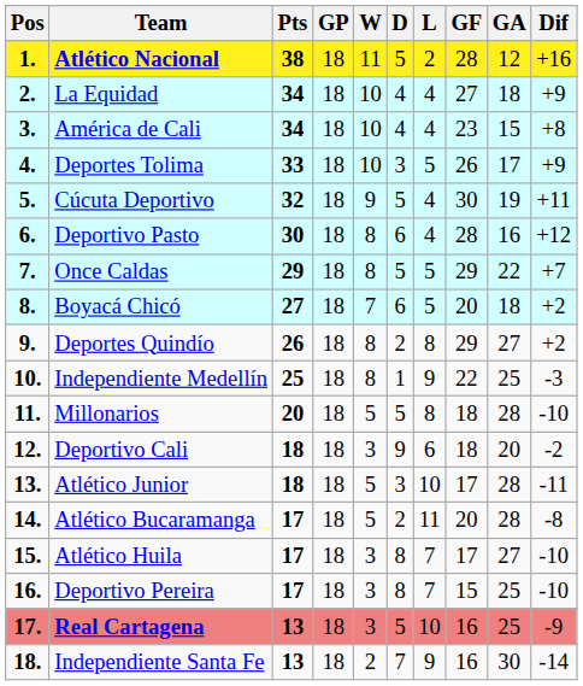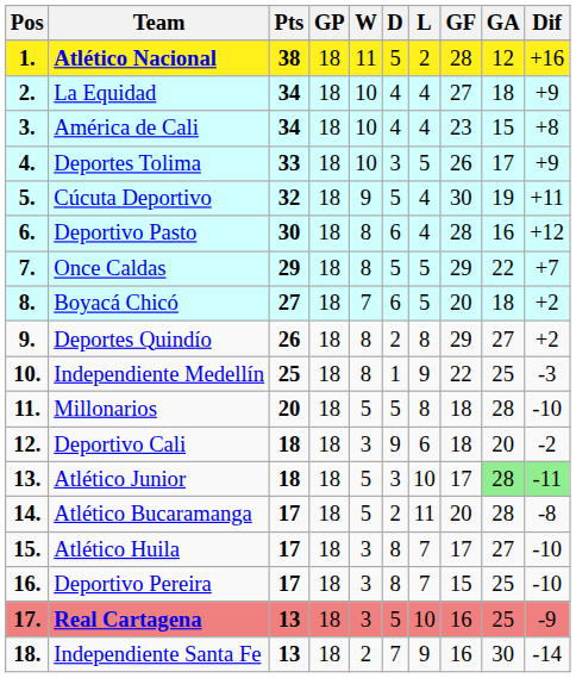 <table class="wikitable sortable" style="text-align: center;">
 <tr>
 <th align="center">Pos</th>
 <th align="center">Team</th>
 <th align="center">Pts</th>
 <th align="center">GP</th>
 <th align="center">W</th>
 <th align="center">D</th>
 <th align="center">L</th>
 <th align="center">GF</th>
 <th align="center">GA</th>
 <th align="center">Dif</th>
 </tr>
 <tr>
 </tr>
 <tr style="background: #FFF01C;">
 <td><strong>1.</strong></td>
 <td align="left"><strong><a href='#'>Atlético Nacional</a></strong></td>
 <td><strong>38</strong></td>
 <td>18</td>
 <td>11</td>
 <td>5</td>
 <td>2</td>
 <td>28</td>
 <td>12</td>
 <td>+16</td>
 </tr>
 <tr style="background: #CFFFFF;">
 <td><strong>2.</strong></td>
 <td align="left"><a href='#'>La Equidad</a></td>
 <td><strong>34</strong></td>
 <td>18</td>
 <td>10</td>
 <td>4</td>
 <td>4</td>
 <td>27</td>
 <td>18</td>
 <td>+9</td>
 </tr>
 <tr style="background: #CFFFFF;">
 <td><strong>3.</strong></td>
 <td align="left"><a href='#'>América de Cali</a></td>
 <td><strong>34</strong></td>
 <td>18</td>
 <td>10</td>
 <td>4</td>
 <td>4</td>
 <td>23</td>
 <td>15</td>
 <td>+8</td>
 </tr>
 <tr style="background: #CFFFFF;">
 <td><strong>4.</strong></td>
 <td align="left"><a href='#'>Deportes Tolima</a></td>
 <td><strong>33</strong></td>
 <td>18</td>
 <td>10</td>
 <td>3</td>
 <td>5</td>
 <td>26</td>
 <td>17</td>
 <td>+9</td>
 </tr>
 <tr style="background: #CFFFFF;">
 <td><strong>5.</strong></td>
 <td align="left"><a href='#'>Cúcuta Deportivo</a></td>
 <td><strong>32</strong></td>
 <td>18</td>
 <td>9</td>
 <td>5</td>
 <td>4</td>
 <td>30</td>
 <td>19</td>
 <td>+11</td>
 </tr>
 <tr style="background: #CFFFFF;">
 <td><strong>6.</strong></td>
 <td align="left"><a href='#'>Deportivo Pasto</a></td>
 <td><strong>30</strong></td>
 <td>18</td>
 <td>8</td>
 <td>6</td>
 <td>4</td>
 <td>28</td>
 <td>16</td>
 <td>+12</td>
 </tr>
 <tr style="background: #CFFFFF;">
 <td><strong>7.</strong></td>
 <td align="left"><a href='#'>Once Caldas</a></td>
 <td><strong>29</strong></td>
 <td>18</td>
 <td>8</td>
 <td>5</td>
 <td>5</td>
 <td>29</td>
 <td>22</td>
 <td>+7</td>
 </tr>
 <tr style="background: #CFFFFF;">
 <td><strong>8.</strong></td>
 <td align="left"><a href='#'>Boyacá Chicó</a></td>
 <td><strong>27</strong></td>
 <td>18</td>
 <td>7</td>
 <td>6</td>
 <td>5</td>
 <td>20</td>
 <td>18</td>
 <td>+2</td>
 </tr>
 <tr>
 <td><strong>9.</strong></td>
 <td align="left"><a href='#'>Deportes Quindío</a></td>
 <td><strong>26</strong></td>
 <td>18</td>
 <td>8</td>
 <td>2</td>
 <td>8</td>
 <td>29</td>
 <td>27</td>
 <td>+2</td>
 </tr>
 <tr>
 <td><strong>10.</strong></td>
 <td align="left"><a href='#'>Independiente Medellín</a></td>
 <td><strong>25</strong></td>
 <td>18</td>
 <td>8</td>
 <td>1</td>
 <td>9</td>
 <td>22</td>
 <td>25</td>
 <td>-3</td>
 </tr>
 <tr>
 <td><strong>11.</strong></td>
 <td align="left"><a href='#'>Millonarios</a></td>
 <td><strong>20</strong></td>
 <td>18</td>
 <td>5</td>
 <td>5</td>
 <td>8</td>
 <td>18</td>
 <td>28</td>
 <td>-10</td>
 </tr>
 <tr>
 <td><strong>12.</strong></td>
 <td align="left"><a href='#'>Deportivo Cali</a></td>
 <td><strong>18</strong></td>
 <td>18</td>
 <td>3</td>
 <td>9</td>
 <td>6</td>
 <td>18</td>
 <td>20</td>
 <td>-2</td>
 </tr>
 <tr>
 <td><strong>13.</strong></td>
 <td align="left"><a href='#'>Atlético Junior</a></td>
 <td><strong>18</strong></td>
 <td>18</td>
 <td>5</td>
 <td>3</td>
 <td>10</td>
 <td>17</td>
-<td>28</td>
-<td>-11</td>
+<td style="background: lightgreen;">28</td>
+<td style="background: lightgreen;">-11</td>
 </tr>
 <tr>
 <td><strong>14.</strong></td>
 <td align="left"><a href='#'>Atlético Bucaramanga</a></td>
 <td><strong>17</strong></td>
 <td>18</td>
 <td>5</td>
 <td>2</td>
 <td>11</td>
 <td>20</td>
 <td>28</td>
 <td>-8</td>
 </tr>
 <tr>
 <td><strong>15.</strong></td>
 <td align="left"><a href='#'>Atlético Huila</a></td>
 <td><strong>17</strong></td>
 <td>18</td>
 <td>3</td>
 <td>8</td>
 <td>7</td>
 <td>17</td>
 <td>27</td>
 <td>-10</td>
 </tr>
 <tr>
 <td><strong>16.</strong></td>
 <td align="left"><a href='#'>Deportivo Pereira</a></td>
 <td><strong>17</strong></td>
 <td>18</td>
 <td>3</td>
 <td>8</td>
 <td>7</td>
 <td>15</td>
 <td>25</td>
 <td>-10</td>
 </tr>
 <tr style="background: #F08080;">
 <td><strong>17.</strong></td>
 <td align="left"><strong><a href='#'>Real Cartagena</a></strong></td>
 <td><strong>13</strong></td>
 <td>18</td>
 <td>3</td>
 <td>5</td>
 <td>10</td>
 <td>16</td>
 <td>25</td>
 <td>-9</td>
 </tr>
 <tr>
 <td><strong>18.</strong></td>
 <td align="left"><a href='#'>Independiente Santa Fe</a></td>
 <td><strong>13</strong></td>
 <td>18</td>
 <td>2</td>
 <td>7</td>
 <td>9</td>
 <td>16</td>
 <td>30</td>
 <td>-14</td>
 </tr>
 </table>
